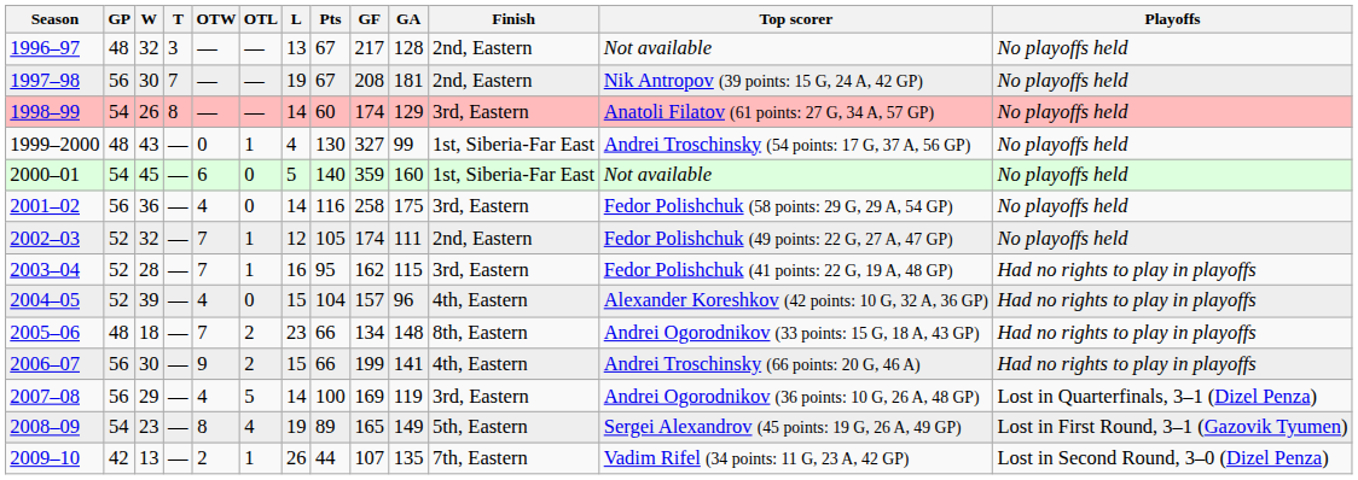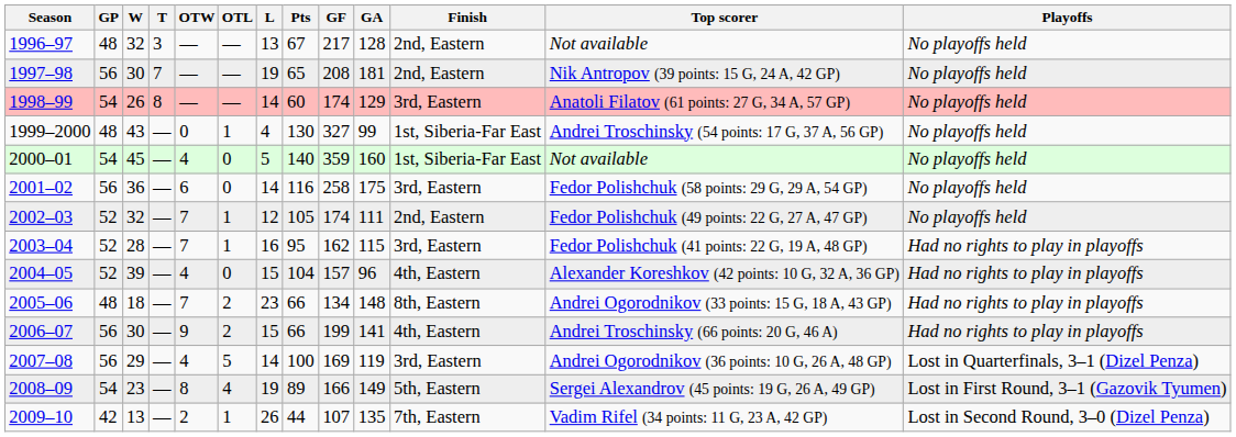 <table class="wikitable">
 <tr style="text-align:center; font-size:small; background:afeeee; padding:5px;"|>
 <th>Season</th>
 <th>GP</th>
 <th>W</th>
 <th>T</th>
 <th>OTW</th>
 <th>OTL</th>
 <th>L</th>
 <th>Pts</th>
 <th>GF</th>
 <th>GA</th>
 <th>Finish</th>
 <th>Top scorer</th>
 <th>Playoffs</th>
 </tr>
 <tr>
 <td><a href='#'>1996–97</a></td>
 <td>48</td>
 <td>32</td>
 <td>3</td>
 <td>—</td>
 <td>—</td>
 <td>13</td>
 <td>67</td>
 <td>217</td>
 <td>128</td>
 <td>2nd, Eastern</td>
 <td><em>Not available</em></td>
 <td><em>No playoffs held</em></td>
 </tr>
 <tr style="background:#eee;" ||>
 <td><a href='#'>1997–98</a></td>
 <td>56</td>
 <td>30</td>
 <td>7</td>
 <td>—</td>
 <td>—</td>
 <td>19</td>
-<td>67</td>
+<td>65</td>
 <td>208</td>
 <td>181</td>
 <td>2nd, Eastern</td>
 <td><a href='#'>Nik Antropov</a> <small>(39 points: 15 G, 24 A, 42 GP)</small></td>
 <td><em>No playoffs held</em></td>
 </tr>
 <tr bgcolor="#ffbbbb">
 <td><a href='#'>1998–99</a></td>
 <td>54</td>
 <td>26</td>
 <td>8</td>
 <td>—</td>
 <td>—</td>
 <td>14</td>
 <td>60</td>
 <td>174</td>
 <td>129</td>
 <td>3rd, Eastern</td>
 <td><a href='#'>Anatoli Filatov</a> <small>(61 points: 27 G, 34 A, 57 GP)</small></td>
 <td><em>No playoffs held</em></td>
 </tr>
 <tr>
 <td>1999–2000</td>
 <td>48</td>
 <td>43</td>
 <td>—</td>
 <td>0</td>
 <td>1</td>
 <td>4</td>
 <td>130</td>
 <td>327</td>
 <td>99</td>
 <td>1st, Siberia-Far East</td>
 <td><a href='#'>Andrei Troschinsky</a> <small>(54 points: 17 G, 37 A, 56 GP)</small></td>
 <td><em>No playoffs held</em></td>
 </tr>
 <tr bgcolor="#ddffdd">
 <td>2000–01</td>
 <td>54</td>
 <td>45</td>
 <td>—</td>
-<td>6</td>
+<td>4</td>
 <td>0</td>
 <td>5</td>
 <td>140</td>
 <td>359</td>
 <td>160</td>
 <td>1st, Siberia-Far East</td>
 <td><em>Not available</em></td>
 <td><em>No playoffs held</em></td>
 </tr>
 <tr>
 <td><a href='#'>2001–02</a></td>
 <td>56</td>
 <td>36</td>
 <td>—</td>
-<td>4</td>
+<td>6</td>
 <td>0</td>
 <td>14</td>
 <td>116</td>
 <td>258</td>
 <td>175</td>
 <td>3rd, Eastern</td>
 <td><a href='#'>Fedor Polishchuk</a> <small>(58 points: 29 G, 29 A, 54 GP)</small></td>
 <td><em>No playoffs held</em></td>
 </tr>
 <tr style="background:#eee;">
 <td><a href='#'>2002–03</a></td>
 <td>52</td>
 <td>32</td>
 <td>—</td>
 <td>7</td>
 <td>1</td>
 <td>12</td>
 <td>105</td>
 <td>174</td>
 <td>111</td>
 <td>2nd, Eastern</td>
 <td><a href='#'>Fedor Polishchuk</a> <small>(49 points: 22 G, 27 A, 47 GP)</small></td>
 <td><em>No playoffs held</em></td>
 </tr>
 <tr>
 <td><a href='#'>2003–04</a></td>
 <td>52</td>
 <td>28</td>
 <td>—</td>
 <td>7</td>
 <td>1</td>
 <td>16</td>
 <td>95</td>
 <td>162</td>
 <td>115</td>
 <td>3rd, Eastern</td>
 <td><a href='#'>Fedor Polishchuk</a> <small>(41 points: 22 G, 19 A, 48 GP)</small></td>
 <td><em>Had no rights to play in playoffs</em></td>
 </tr>
 <tr style="background:#eee;">
 <td><a href='#'>2004–05</a></td>
 <td>52</td>
 <td>39</td>
 <td>—</td>
 <td>4</td>
 <td>0</td>
 <td>15</td>
 <td>104</td>
 <td>157</td>
 <td>96</td>
 <td>4th, Eastern</td>
 <td><a href='#'>Alexander Koreshkov</a> <small>(42 points: 10 G, 32 A, 36 GP)</small></td>
 <td><em>Had no rights to play in playoffs</em></td>
 </tr>
 <tr>
 <td><a href='#'>2005–06</a></td>
 <td>48</td>
 <td>18</td>
 <td>—</td>
 <td>7</td>
 <td>2</td>
 <td>23</td>
 <td>66</td>
 <td>134</td>
 <td>148</td>
 <td>8th, Eastern</td>
 <td><a href='#'>Andrei Ogorodnikov</a> <small>(33 points: 15 G, 18 A, 43 GP)</small></td>
 <td><em>Had no rights to play in playoffs</em></td>
 </tr>
 <tr style="background:#eee;">
 <td><a href='#'>2006–07</a></td>
 <td>56</td>
 <td>30</td>
 <td>—</td>
 <td>9</td>
 <td>2</td>
 <td>15</td>
 <td>66</td>
 <td>199</td>
 <td>141</td>
 <td>4th, Eastern</td>
 <td><a href='#'>Andrei Troschinsky</a> <small>(66 points: 20 G, 46 A)</small></td>
 <td><em>Had no rights to play in playoffs</em></td>
 </tr>
 <tr>
 <td><a href='#'>2007–08</a></td>
 <td>56</td>
 <td>29</td>
 <td>—</td>
 <td>4</td>
 <td>5</td>
 <td>14</td>
 <td>100</td>
 <td>169</td>
 <td>119</td>
 <td>3rd, Eastern</td>
 <td><a href='#'>Andrei Ogorodnikov</a> <small>(36 points: 10 G, 26 A, 48 GP)</small></td>
 <td>Lost in Quarterfinals, 3–1 (<a href='#'>Dizel Penza</a>)</td>
 </tr>
 <tr style="background:#eee;">
 <td><a href='#'>2008–09</a></td>
 <td>54</td>
 <td>23</td>
 <td>—</td>
 <td>8</td>
 <td>4</td>
 <td>19</td>
 <td>89</td>
-<td>165</td>
+<td>166</td>
 <td>149</td>
 <td>5th, Eastern</td>
 <td><a href='#'>Sergei Alexandrov</a> <small>(45 points: 19 G, 26 A, 49 GP)</small></td>
 <td>Lost in First Round, 3–1 (<a href='#'>Gazovik Tyumen</a>)</td>
 </tr>
 <tr>
 <td><a href='#'>2009–10</a></td>
 <td>42</td>
 <td>13</td>
 <td>—</td>
 <td>2</td>
 <td>1</td>
 <td>26</td>
 <td>44</td>
 <td>107</td>
 <td>135</td>
 <td>7th, Eastern</td>
 <td><a href='#'>Vadim Rifel</a> <small>(34 points: 11 G, 23 A, 42 GP)</small></td>
 <td>Lost in Second Round, 3–0 (<a href='#'>Dizel Penza</a>)</td>
 </tr>
 </table>
